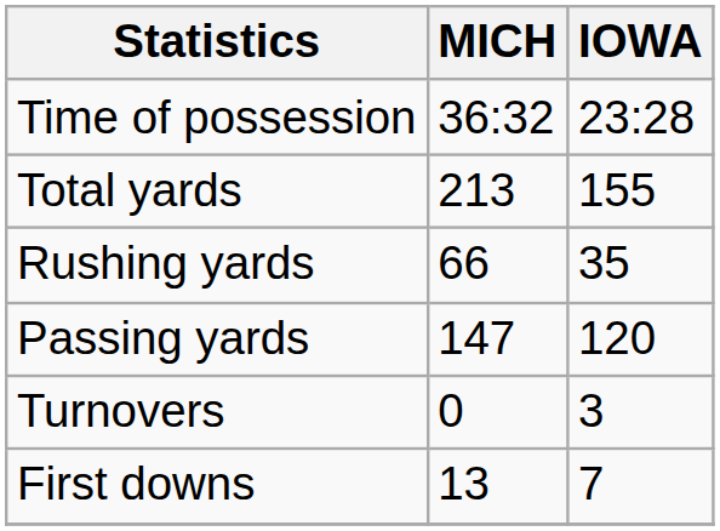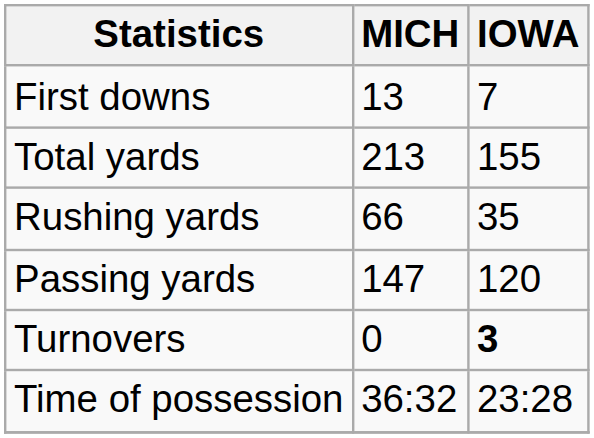 <table class="wikitable">
 <tr>
 <th>Statistics</th>
 <th>MICH</th>
 <th>IOWA</th>
 </tr>
 <tr>
-<td>Time of possession</td>
-<td>36:32</td>
-<td>23:28</td>
+<td>First downs</td>
+<td>13</td>
+<td>7</td>
 </tr>
 <tr>
 <td>Total yards</td>
 <td>213</td>
 <td>155</td>
 </tr>
 <tr>
 <td>Rushing yards</td>
 <td>66</td>
 <td>35</td>
 </tr>
 <tr>
 <td>Passing yards</td>
 <td>147</td>
 <td>120</td>
 </tr>
 <tr>
 <td>Turnovers</td>
 <td>0</td>
-<td>3</td>
+<td><strong>3</strong></td>
 </tr>
 <tr>
-<td>First downs</td>
-<td>13</td>
-<td>7</td>
+<td>Time of possession</td>
+<td>36:32</td>
+<td>23:28</td>
 </tr>
 <tr>
 </tr>
 </table>
